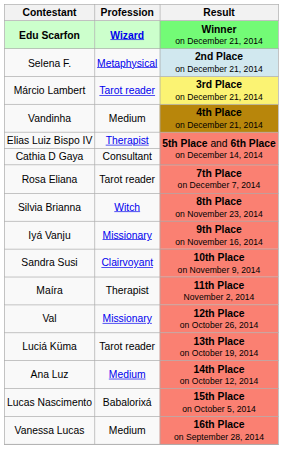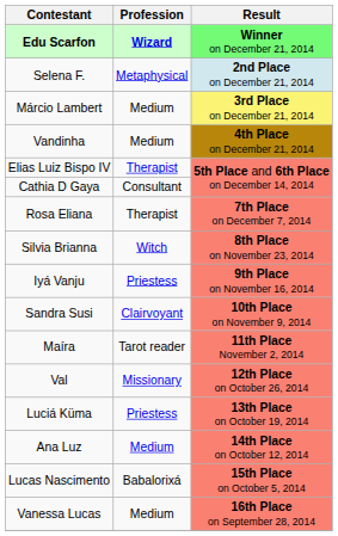 <table class="wikitable" align=center border="2" cellpadding="3" cellspacing="0" style="text-align:center; font-size:95%">
 <tr>
 <th>Contestant</th>
 <th>Profession</th>
 <th>Result</th>
 </tr>
 <tr>
 <td bgcolor="CCFFCC"><strong>Edu Scarfon</strong></td>
 <td bgcolor="CCFFCC"><strong><a href='#'>Wizard</a></strong></td>
 <td bgcolor="73FB76"><strong>Winner</strong><br><small>on December 21, 2014</small></td>
 </tr>
 <tr>
 <td bgcolor=>Selena F.<br></td>
 <td><a href='#'>Metaphysical</a></td>
 <td bgcolor="D1E8EF"><strong>2nd Place</strong><br><small>on December 21, 2014</small></td>
 </tr>
 <tr>
 <td bgcolor=>Márcio Lambert</td>
-<td><a href='#'>Tarot reader</a></td>
+<td>Medium</td>
 <td bgcolor="FBF373"><strong>3rd Place</strong><br><small>on December 21, 2014</small></td>
 </tr>
 <tr>
 <td bgcolor=>Vandinha</td>
 <td>Medium</td>
 <td bgcolor="B8860B"><strong>4th Place</strong><br><small>on December 21, 2014</small></td>
 </tr>
 <tr>
 <td>Elias Luiz Bispo IV</td>
 <td><a href='#'>Therapist</a></td>
 <td bgcolor="FA8072" rowspan=2><strong>5th Place</strong> and <strong>6th Place</strong><br><small>on December 14, 2014</small></td>
 </tr>
 <tr>
 <td>Cathia D Gaya</td>
 <td>Consultant</td>
 </tr>
 <tr>
 <td bgcolor=>Rosa Eliana</td>
-<td>Tarot reader</td>
+<td bgcolor="">Therapist</td>
 <td bgcolor="FA8072"><strong>7th Place</strong><br><small>on December 7, 2014</small></td>
 </tr>
 <tr>
 <td bgcolor=>Silvia Brianna</td>
 <td><a href='#'>Witch</a></td>
 <td bgcolor="FA8072"><strong>8th Place</strong><br><small>on November 23, 2014</small></td>
 </tr>
 <tr>
 <td bgcolor=>Iyá Vanju</td>
-<td><a href='#'>Missionary</a></td>
+<td><a href='#'>Priestess</a></td>
 <td bgcolor="FA8072"><strong>9th Place</strong><br><small>on November 16, 2014</small></td>
 </tr>
 <tr>
 <td bgcolor=>Sandra Susi</td>
 <td><a href='#'>Clairvoyant</a></td>
 <td bgcolor="FA8072"><strong>10th Place</strong><br><small>on November 9, 2014</small></td>
 </tr>
 <tr>
 <td bgcolor=>Maíra</td>
-<td bgcolor="">Therapist</td>
+<td>Tarot reader</td>
 <td bgcolor="FA8072"><strong>11th Place</strong><br><small>November 2, 2014</small></td>
 </tr>
 <tr>
 <td bgcolor=>Val</td>
 <td><a href='#'>Missionary</a></td>
 <td bgcolor="FA8072"><strong>12th Place</strong><br><small>on October 26, 2014</small></td>
 </tr>
 <tr>
 <td bgcolor=>Luciá Küma</td>
-<td>Tarot reader</td>
+<td><a href='#'>Priestess</a></td>
 <td bgcolor="FA8072"><strong>13th Place</strong><br><small>on October 19, 2014</small></td>
 </tr>
 <tr>
 <td bgcolor=>Ana Luz</td>
 <td><a href='#'>Medium</a></td>
 <td bgcolor="FA8072"><strong>14th Place</strong><br><small>on October 12, 2014</small></td>
 </tr>
 <tr>
 <td bgcolor=>Lucas Nascimento</td>
 <td>Babalorixá</td>
 <td bgcolor="FA8072"><strong>15th Place</strong><br><small>on October 5, 2014</small></td>
 </tr>
 <tr>
 <td bgcolor=>Vanessa Lucas</td>
 <td>Medium</td>
 <td bgcolor="FA8072"><strong>16th Place</strong><br><small>on September 28, 2014</small></td>
 </tr>
 <tr>
 </tr>
 </table>
